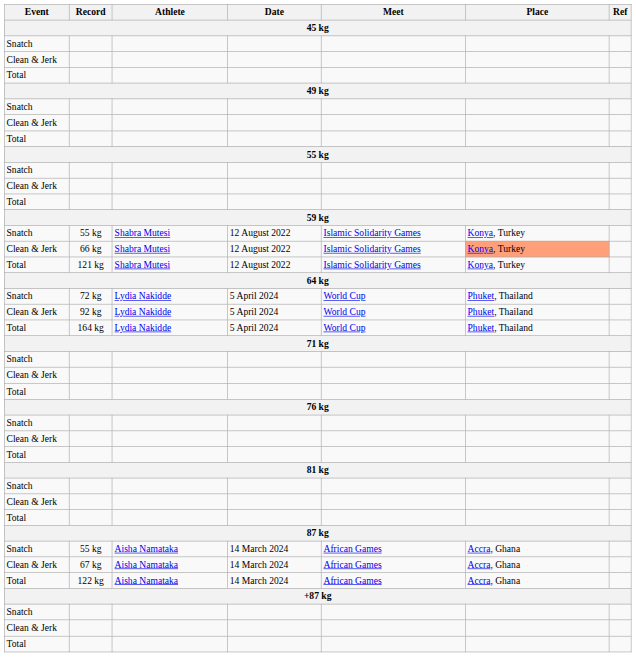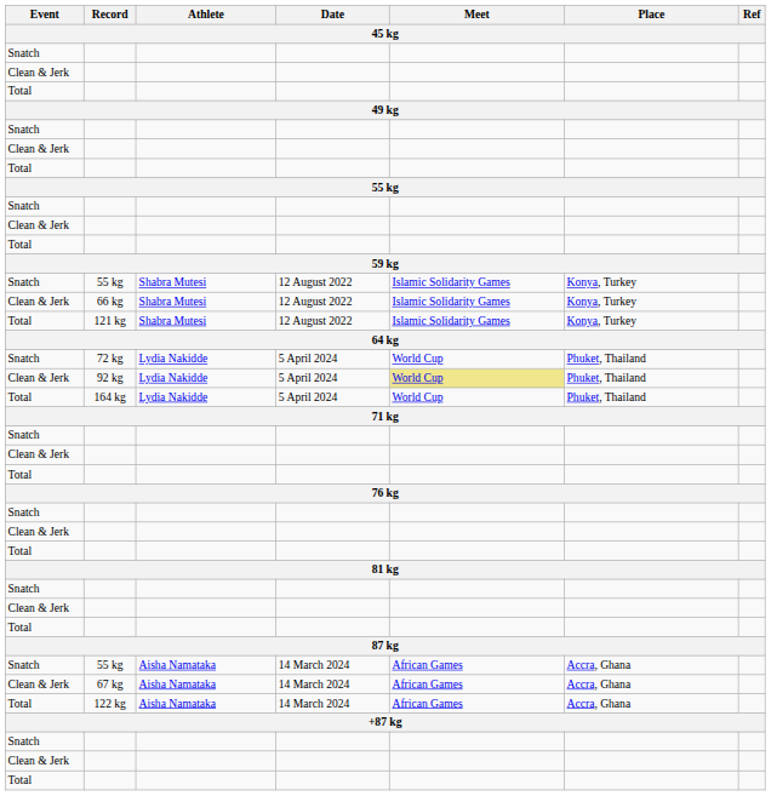 <table class="wikitable" style="font-size:95%;">
 <tr>
 <th width=9%>Event</th>
 <th width=6%>Record</th>
 <th width=16%>Athlete</th>
 <th width=13%>Date</th>
 <th width=20%>Meet</th>
 <th width=20%>Place</th>
 <th width=3%>Ref</th>
 </tr>
 <tr bgcolor="#DDDDDD">
 <th colspan="7">45 kg</th>
 </tr>
 <tr>
 <td>Snatch</td>
 <td align="center"></td>
 <td></td>
 <td></td>
 <td></td>
 <td></td>
 <td></td>
 </tr>
 <tr>
 <td>Clean & Jerk</td>
 <td align="center"></td>
 <td></td>
 <td></td>
 <td></td>
 <td></td>
 <td></td>
 </tr>
 <tr>
 <td>Total</td>
 <td align="center"></td>
 <td></td>
 <td></td>
 <td></td>
 <td></td>
 <td></td>
 </tr>
 <tr bgcolor="#DDDDDD">
 <th colspan="7">49 kg</th>
 </tr>
 <tr>
 <td>Snatch</td>
 <td align="center"></td>
 <td></td>
 <td></td>
 <td></td>
 <td></td>
 <td></td>
 </tr>
 <tr>
 <td>Clean & Jerk</td>
 <td align="center"></td>
 <td></td>
 <td></td>
 <td></td>
 <td></td>
 <td></td>
 </tr>
 <tr>
 <td>Total</td>
 <td align="center"></td>
 <td></td>
 <td></td>
 <td></td>
 <td></td>
 <td></td>
 </tr>
 <tr bgcolor="#DDDDDD">
 <th colspan="7">55 kg</th>
 </tr>
 <tr>
 <td>Snatch</td>
 <td align="center"></td>
 <td></td>
 <td></td>
 <td></td>
 <td></td>
 <td></td>
 </tr>
 <tr>
 <td>Clean & Jerk</td>
 <td align="center"></td>
 <td></td>
 <td></td>
 <td></td>
 <td></td>
 <td></td>
 </tr>
 <tr>
 <td>Total</td>
 <td align="center"></td>
 <td></td>
 <td></td>
 <td></td>
 <td></td>
 <td></td>
 </tr>
 <tr bgcolor="#DDDDDD">
 <th colspan="7">59 kg</th>
 </tr>
 <tr>
 <td>Snatch</td>
 <td align="center">55 kg</td>
 <td><a href='#'>Shabra Mutesi</a></td>
 <td>12 August 2022</td>
 <td><a href='#'>Islamic Solidarity Games</a></td>
 <td><a href='#'>Konya</a>, Turkey</td>
 <td></td>
 </tr>
 <tr>
 <td>Clean & Jerk</td>
 <td align="center">66 kg</td>
 <td><a href='#'>Shabra Mutesi</a></td>
 <td>12 August 2022</td>
 <td><a href='#'>Islamic Solidarity Games</a></td>
-<td style="background: lightsalmon;"><a href='#'>Konya</a>, Turkey</td>
+<td><a href='#'>Konya</a>, Turkey</td>
 <td></td>
 </tr>
 <tr>
 <td>Total</td>
 <td align="center">121 kg</td>
 <td><a href='#'>Shabra Mutesi</a></td>
 <td>12 August 2022</td>
 <td><a href='#'>Islamic Solidarity Games</a></td>
 <td><a href='#'>Konya</a>, Turkey</td>
 <td></td>
 </tr>
 <tr bgcolor="#DDDDDD">
 <th colspan="7">64 kg</th>
 </tr>
 <tr>
 <td>Snatch</td>
 <td align="center">72 kg</td>
 <td><a href='#'>Lydia Nakidde</a></td>
 <td>5 April 2024</td>
 <td><a href='#'>World Cup</a></td>
 <td><a href='#'>Phuket</a>, Thailand</td>
 <td></td>
 </tr>
 <tr>
 <td>Clean & Jerk</td>
 <td align="center">92 kg</td>
 <td><a href='#'>Lydia Nakidde</a></td>
 <td>5 April 2024</td>
-<td><a href='#'>World Cup</a></td>
+<td style="background: khaki;"><a href='#'>World Cup</a></td>
 <td><a href='#'>Phuket</a>, Thailand</td>
 <td></td>
 </tr>
 <tr>
 <td>Total</td>
 <td align="center">164 kg</td>
 <td><a href='#'>Lydia Nakidde</a></td>
 <td>5 April 2024</td>
 <td><a href='#'>World Cup</a></td>
 <td><a href='#'>Phuket</a>, Thailand</td>
 <td></td>
 </tr>
 <tr bgcolor="#DDDDDD">
 <th colspan="7">71 kg</th>
 </tr>
 <tr>
 <td>Snatch</td>
 <td align="center"></td>
 <td></td>
 <td></td>
 <td></td>
 <td></td>
 <td></td>
 </tr>
 <tr>
 <td>Clean & Jerk</td>
 <td align="center"></td>
 <td></td>
 <td></td>
 <td></td>
 <td></td>
 <td></td>
 </tr>
 <tr>
 <td>Total</td>
 <td align="center"></td>
 <td></td>
 <td></td>
 <td></td>
 <td></td>
 <td></td>
 </tr>
 <tr bgcolor="#DDDDDD">
 <th colspan="7">76 kg</th>
 </tr>
 <tr>
 <td>Snatch</td>
 <td align="center"></td>
 <td></td>
 <td></td>
 <td></td>
 <td></td>
 <td></td>
 </tr>
 <tr>
 <td>Clean & Jerk</td>
 <td align="center"></td>
 <td></td>
 <td></td>
 <td></td>
 <td></td>
 <td></td>
 </tr>
 <tr>
 <td>Total</td>
 <td align="center"></td>
 <td></td>
 <td></td>
 <td></td>
 <td></td>
 <td></td>
 </tr>
 <tr bgcolor="#DDDDDD">
 <th colspan="7">81 kg</th>
 </tr>
 <tr>
 <td>Snatch</td>
 <td align="center"></td>
 <td></td>
 <td></td>
 <td></td>
 <td></td>
 <td></td>
 </tr>
 <tr>
 <td>Clean & Jerk</td>
 <td align="center"></td>
 <td></td>
 <td></td>
 <td></td>
 <td></td>
 <td></td>
 </tr>
 <tr>
 <td>Total</td>
 <td align="center"></td>
 <td></td>
 <td></td>
 <td></td>
 <td></td>
 <td></td>
 </tr>
 <tr bgcolor="#DDDDDD">
 <th colspan="7">87 kg</th>
 </tr>
 <tr>
 <td>Snatch</td>
 <td align="center">55 kg</td>
 <td><a href='#'>Aisha Namataka</a></td>
 <td>14 March 2024</td>
 <td><a href='#'>African Games</a></td>
 <td><a href='#'>Accra</a>, Ghana</td>
 <td></td>
 </tr>
 <tr>
 <td>Clean & Jerk</td>
 <td align="center">67 kg</td>
 <td><a href='#'>Aisha Namataka</a></td>
 <td>14 March 2024</td>
 <td><a href='#'>African Games</a></td>
 <td><a href='#'>Accra</a>, Ghana</td>
 <td></td>
 </tr>
 <tr>
 <td>Total</td>
 <td align="center">122 kg</td>
 <td><a href='#'>Aisha Namataka</a></td>
 <td>14 March 2024</td>
 <td><a href='#'>African Games</a></td>
 <td><a href='#'>Accra</a>, Ghana</td>
 <td></td>
 </tr>
 <tr bgcolor="#DDDDDD">
 <th colspan="7">+87 kg</th>
 </tr>
 <tr>
 <td>Snatch</td>
 <td align="center"></td>
 <td></td>
 <td></td>
 <td></td>
 <td></td>
 <td></td>
 </tr>
 <tr>
 <td>Clean & Jerk</td>
 <td align="center"></td>
 <td></td>
 <td></td>
 <td></td>
 <td></td>
 <td></td>
 </tr>
 <tr>
 <td>Total</td>
 <td align="center"></td>
 <td></td>
 <td></td>
 <td></td>
 <td></td>
 <td></td>
 </tr>
 </table>
